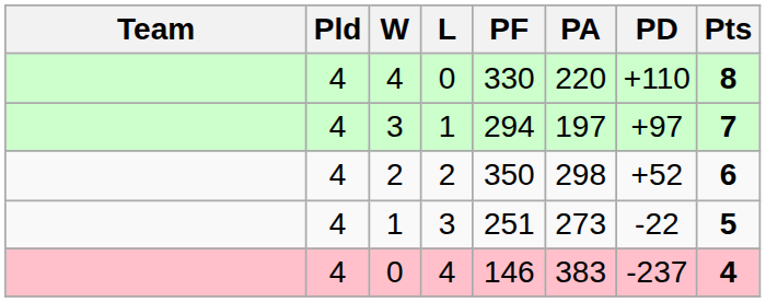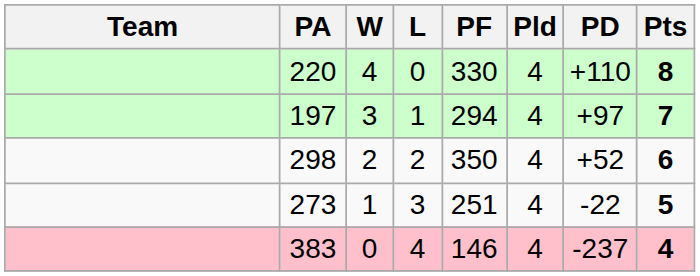 <table class="wikitable" style="text-align:center;">
 <tr>
 <th width=150>Team</th>
-<th width=20>Pld</th>
+<th width=30>PA</th>
 <th width=20>W</th>
 <th width=20>L</th>
 <th width=30>PF</th>
-<th width=30>PA</th>
+<th width=20>Pld</th>
 <th width=30>PD</th>
 <th width=20>Pts</th>
 </tr>
 <tr bgcolor="#ccffcc">
 <td align="left"></td>
-<td>4</td>
+<td>220</td>
 <td>4</td>
 <td>0</td>
 <td>330</td>
-<td>220</td>
+<td>4</td>
 <td>+110</td>
 <td><strong>8</strong></td>
 </tr>
 <tr bgcolor="#ccffcc">
 <td align="left"></td>
-<td>4</td>
+<td>197</td>
 <td>3</td>
 <td>1</td>
 <td>294</td>
-<td>197</td>
+<td>4</td>
 <td>+97</td>
 <td><strong>7</strong></td>
 </tr>
 <tr>
 <td align="left"></td>
-<td>4</td>
+<td>298</td>
 <td>2</td>
 <td>2</td>
 <td>350</td>
-<td>298</td>
+<td>4</td>
 <td>+52</td>
 <td><strong>6</strong></td>
 </tr>
 <tr>
 <td align="left"></td>
-<td>4</td>
+<td>273</td>
 <td>1</td>
 <td>3</td>
 <td>251</td>
-<td>273</td>
+<td>4</td>
 <td>-22</td>
 <td><strong>5</strong></td>
 </tr>
 <tr bgcolor=pink>
 <td align="left"></td>
-<td>4</td>
+<td>383</td>
 <td>0</td>
 <td>4</td>
 <td>146</td>
-<td>383</td>
+<td>4</td>
 <td>-237</td>
 <td><strong>4</strong></td>
 </tr>
 </table>
